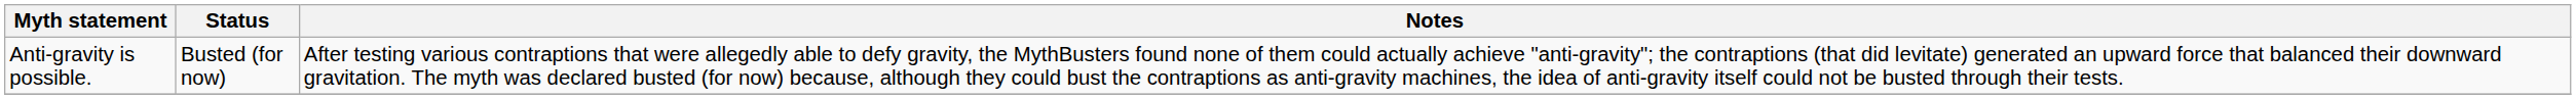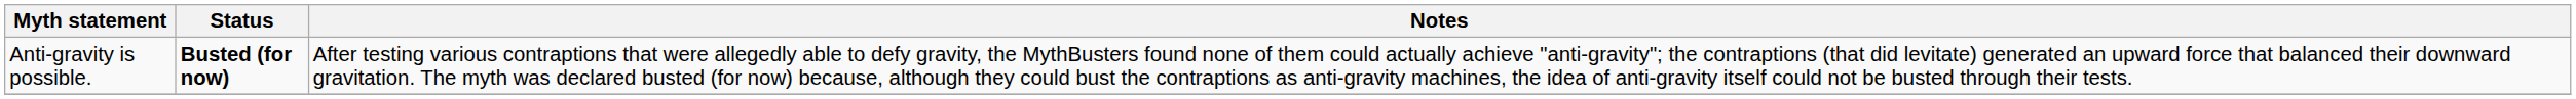 <table class="wikitable plainrowheaders">
 <tr>
 <th>Myth statement</th>
 <th>Status</th>
 <th>Notes</th>
 </tr>
 <tr>
 <td>Anti-gravity is possible.</td>
-<td><span>Busted (for now)</span></td>
+<td><strong><span>Busted (for now)</span></strong></td>
 <td>After testing various contraptions that were allegedly able to defy gravity, the MythBusters found none of them could actually achieve "anti-gravity"; the contraptions (that did levitate) generated an upward force that balanced their downward gravitation. The myth was declared busted (for now) because, although they could bust the contraptions as anti-gravity machines, the idea of anti-gravity itself could not be busted through their tests.</td>
 </tr>
 <tr>
 </tr>
 </table>
